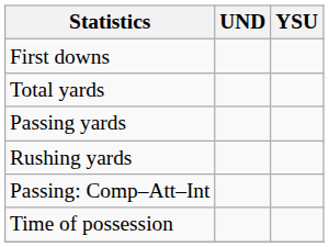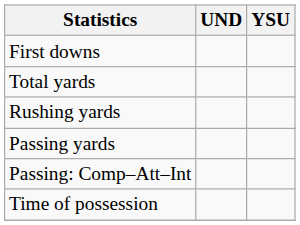 <table class="wikitable" style="float: left;">
 <tr>
 <th>Statistics</th>
 <th>UND</th>
 <th>YSU</th>
 </tr>
 <tr>
 <td>First downs</td>
 <td></td>
 <td></td>
 </tr>
 <tr>
 <td>Total yards</td>
 <td></td>
 <td></td>
 </tr>
 <tr>
-<td>Passing yards</td>
+<td>Rushing yards</td>
 <td></td>
 <td></td>
 </tr>
 <tr>
-<td>Rushing yards</td>
+<td>Passing yards</td>
 <td></td>
 <td></td>
 </tr>
 <tr>
 <td>Passing: Comp–Att–Int</td>
 <td></td>
 <td></td>
 </tr>
 <tr>
 <td>Time of possession</td>
 <td></td>
 <td></td>
 </tr>
 <tr>
 </tr>
 </table>
